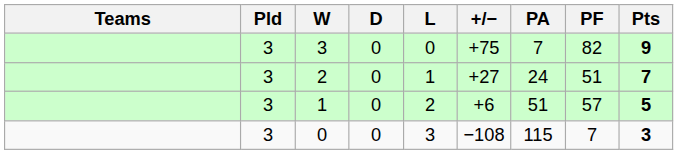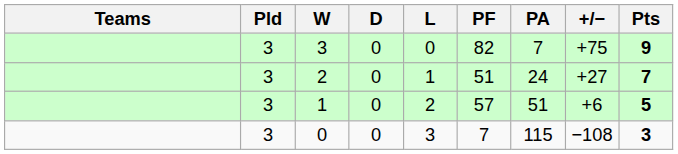 <table class="wikitable" style="text-align: center;">
 <tr>
 <th width="200">Teams</th>
 <th width="40">Pld</th>
 <th width="40">W</th>
 <th width="40">D</th>
 <th width="40">L</th>
+<th width="40">PF</th>
+<th width="40">PA</th>
 <th width="40">+/−</th>
-<th width="40">PA</th>
-<th width="40">PF</th>
 <th width="40">Pts</th>
 </tr>
 <tr style="background:#cfc; width:20px;">
 <td align=left></td>
 <td>3</td>
 <td>3</td>
 <td>0</td>
 <td>0</td>
+<td>82</td>
+<td>7</td>
 <td>+75</td>
-<td>7</td>
-<td>82</td>
 <td><strong>9</strong></td>
 </tr>
 <tr style="background:#cfc; width:20px;">
 <td align=left></td>
 <td>3</td>
 <td>2</td>
 <td>0</td>
 <td>1</td>
+<td>51</td>
+<td>24</td>
 <td>+27</td>
-<td>24</td>
-<td>51</td>
 <td><strong>7</strong></td>
 </tr>
 <tr style="background:#cfc; width:20px;">
 <td align=left></td>
 <td>3</td>
 <td>1</td>
 <td>0</td>
 <td>2</td>
+<td>57</td>
+<td>51</td>
 <td>+6</td>
-<td>51</td>
-<td>57</td>
 <td><strong>5</strong></td>
 </tr>
 <tr>
 <td align=left></td>
 <td>3</td>
 <td>0</td>
 <td>0</td>
 <td>3</td>
+<td>7</td>
+<td>115</td>
 <td>−108</td>
-<td>115</td>
-<td>7</td>
 <td><strong>3</strong></td>
 </tr>
 </table>
